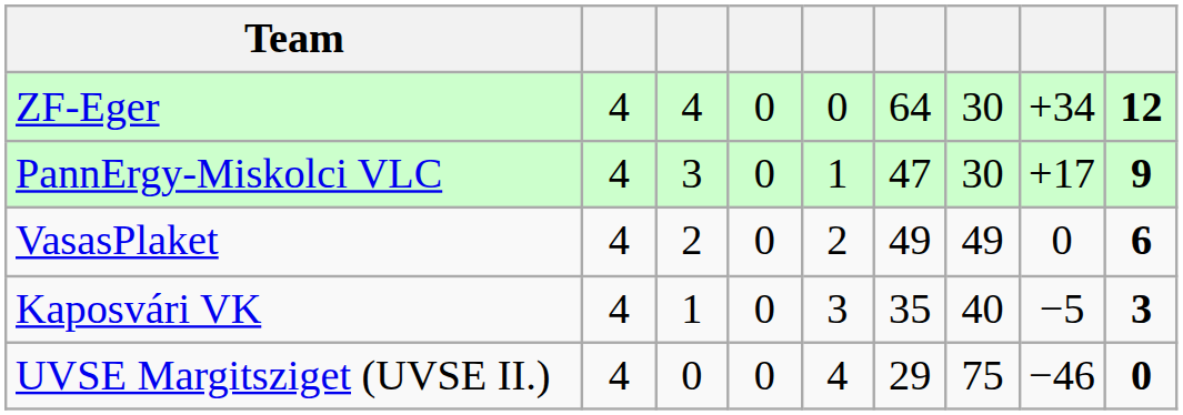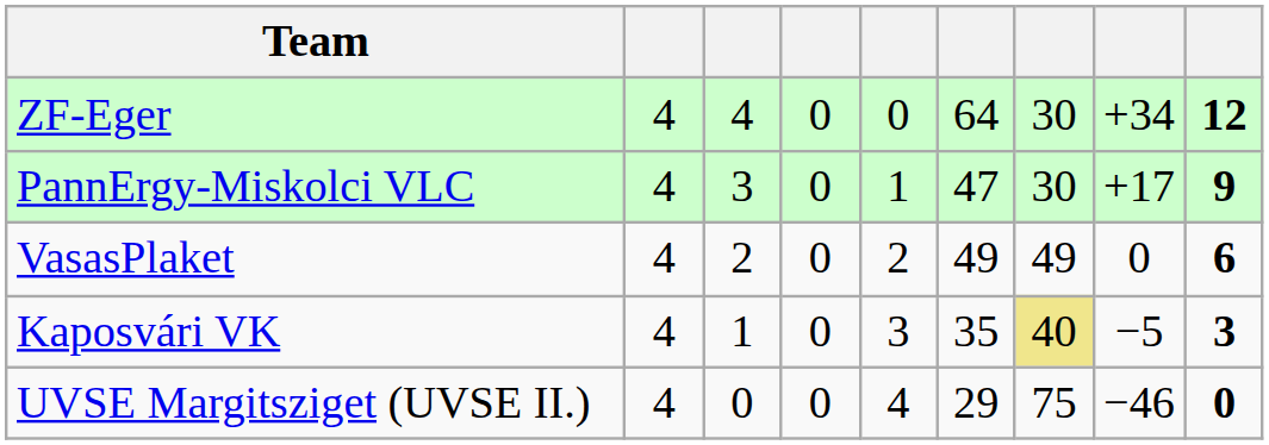 <table class="wikitable" style="text-align:center;">
 <tr>
 <th width=210>Team</th>
 <th width=20></th>
 <th width=20></th>
 <th width=20></th>
 <th width=20></th>
 <th width=20></th>
 <th width=20></th>
 <th width=20></th>
 <th width=20></th>
 </tr>
 <tr style="background:#cfc;">
 <td align="left"> <a href='#'>ZF-Eger</a></td>
 <td>4</td>
 <td>4</td>
 <td>0</td>
 <td>0</td>
 <td>64</td>
 <td>30</td>
 <td>+34</td>
 <td><strong>12</strong></td>
 </tr>
 <tr style="background:#cfc;">
 <td align="left"> <a href='#'>PannErgy-Miskolci VLC</a></td>
 <td>4</td>
 <td>3</td>
 <td>0</td>
 <td>1</td>
 <td>47</td>
 <td>30</td>
 <td>+17</td>
 <td><strong>9</strong></td>
 </tr>
 <tr>
 <td align="left"> <a href='#'>VasasPlaket</a></td>
 <td>4</td>
 <td>2</td>
 <td>0</td>
 <td>2</td>
 <td>49</td>
 <td>49</td>
 <td>0</td>
 <td><strong>6</strong></td>
 </tr>
 <tr>
 <td align="left"> <a href='#'>Kaposvári VK</a></td>
 <td>4</td>
 <td>1</td>
 <td>0</td>
 <td>3</td>
 <td>35</td>
-<td>40</td>
+<td style="background: khaki;">40</td>
 <td>−5</td>
 <td><strong>3</strong></td>
 </tr>
 <tr>
 <td align="left"> <a href='#'>UVSE Margitsziget</a> (UVSE II.)</td>
 <td>4</td>
 <td>0</td>
 <td>0</td>
 <td>4</td>
 <td>29</td>
 <td>75</td>
 <td>−46</td>
 <td><strong>0</strong></td>
 </tr>
 </table>
